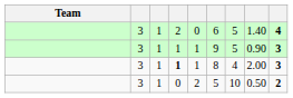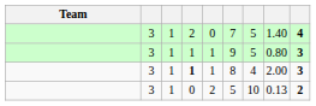 <table class="wikitable" style="text-align:center;">
 <tr>
 <th width="175">Team</th>
 <th width=20></th>
 <th width=20></th>
 <th width=20></th>
 <th width=20></th>
 <th width=20></th>
 <th width=20></th>
 <th width=20></th>
 <th width=20></th>
 </tr>
 <tr bgcolor="#ccffcc">
 <td align="left"></td>
 <td>3</td>
 <td>1</td>
 <td>2</td>
 <td>0</td>
-<td>6</td>
+<td>7</td>
 <td>5</td>
 <td>1.40</td>
 <td><strong>4</strong></td>
 </tr>
 <tr bgcolor="#ccffcc">
 <td align="left"></td>
 <td>3</td>
 <td>1</td>
 <td>1</td>
 <td>1</td>
 <td>9</td>
 <td>5</td>
-<td>0.90</td>
+<td>0.80</td>
 <td><strong>3</strong></td>
 </tr>
 <tr>
 <td align="left"></td>
 <td>3</td>
 <td>1</td>
 <td><strong>1</strong></td>
 <td>1</td>
 <td>8</td>
 <td>4</td>
 <td>2.00</td>
 <td><strong>3</strong></td>
 </tr>
 <tr>
 <td align="left"></td>
 <td>3</td>
 <td>1</td>
 <td>0</td>
 <td>2</td>
 <td>5</td>
 <td>10</td>
-<td>0.50</td>
+<td>0.13</td>
 <td><strong>2</strong></td>
 </tr>
 </table>
